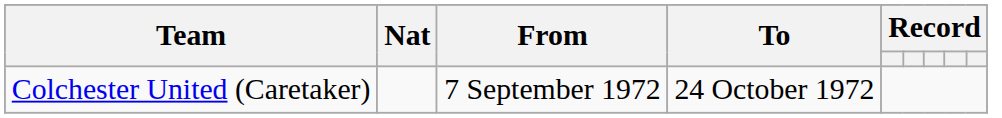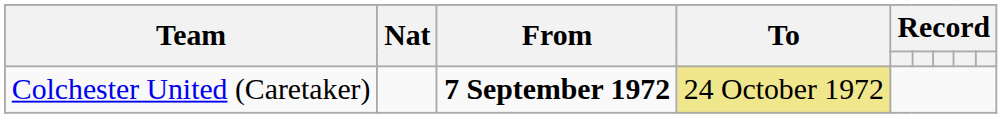 <table class="wikitable" style="text-align: center">
 <tr>
 <th rowspan="2">Team</th>
 <th rowspan="2">Nat</th>
 <th rowspan="2">From</th>
 <th rowspan="2">To</th>
 <th colspan="5">Record</th>
 </tr>
 <tr>
 <th></th>
 <th></th>
 <th></th>
 <th></th>
 <th></th>
 </tr>
 <tr>
 <td align=left><a href='#'>Colchester United</a> (Caretaker)</td>
 <td></td>
-<td align=left>7 September 1972</td>
-<td align=left>24 October 1972<br></td>
+<td align=left><strong>7 September 1972</strong></td>
+<td align=left style="background: khaki;">24 October 1972<br></td>
 </tr>
 </table>
